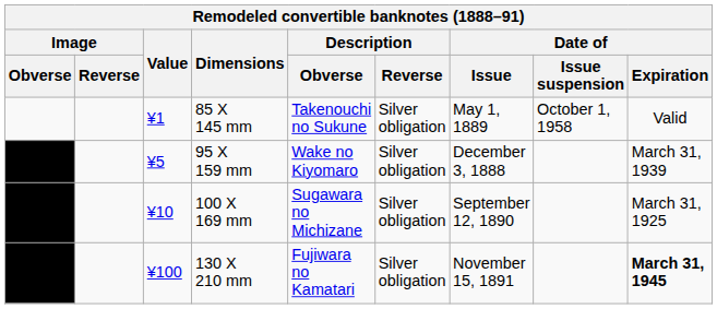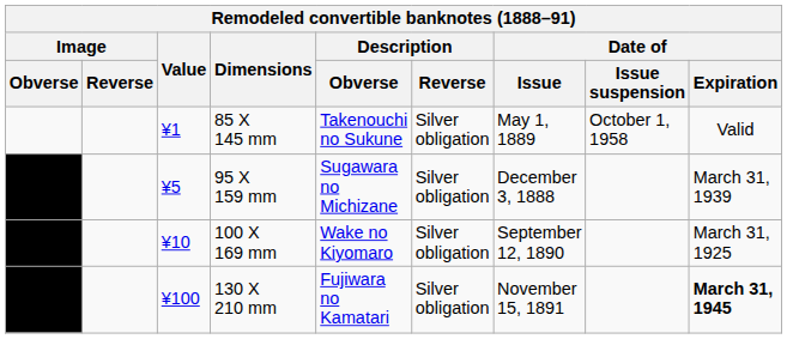 <table class="wikitable">
 <tr>
 <th colspan="9">Remodeled convertible banknotes (1888–91)</th>
 </tr>
 <tr>
 <th colspan="2">Image</th>
 <th rowspan="2">Value</th>
 <th rowspan="2">Dimensions</th>
 <th colspan="2">Description</th>
 <th colspan="3">Date of</th>
 </tr>
 <tr>
 <th>Obverse</th>
 <th>Reverse</th>
 <th width=180>Obverse</th>
 <th>Reverse</th>
 <th>Issue</th>
 <th>Issue suspension</th>
 <th>Expiration</th>
 </tr>
 <tr>
 <td> </td>
 <td></td>
 <td><a href='#'>¥1</a></td>
 <td>85 X 145 mm</td>
 <td><a href='#'>Takenouchi no Sukune</a></td>
 <td>Silver obligation</td>
 <td>May 1, 1889</td>
 <td>October 1, 1958</td>
 <td align="center">Valid</td>
 </tr>
 <tr>
 <td style="text-align:center; background:#000;"></td>
 <td></td>
 <td><a href='#'>¥5</a></td>
 <td>95 X 159 mm</td>
-<td><a href='#'>Wake no Kiyomaro</a></td>
+<td><a href='#'>Sugawara no Michizane</a></td>
 <td>Silver obligation</td>
 <td>December 3, 1888</td>
 <td></td>
 <td>March 31, 1939</td>
 </tr>
 <tr>
 <td style="text-align:center; background:#000;"></td>
 <td></td>
 <td><a href='#'>¥10</a></td>
 <td>100 X 169 mm</td>
-<td><a href='#'>Sugawara no Michizane</a></td>
+<td><a href='#'>Wake no Kiyomaro</a></td>
 <td>Silver obligation</td>
 <td>September 12, 1890</td>
 <td></td>
 <td>March 31, 1925</td>
 </tr>
 <tr>
 <td style="text-align:center; background:#000;"></td>
 <td></td>
 <td><a href='#'>¥100</a></td>
 <td>130 X 210 mm</td>
 <td><a href='#'>Fujiwara no Kamatari</a></td>
 <td>Silver obligation</td>
 <td>November 15, 1891</td>
 <td></td>
 <td><strong>March 31, 1945</strong></td>
 </tr>
 </table>
